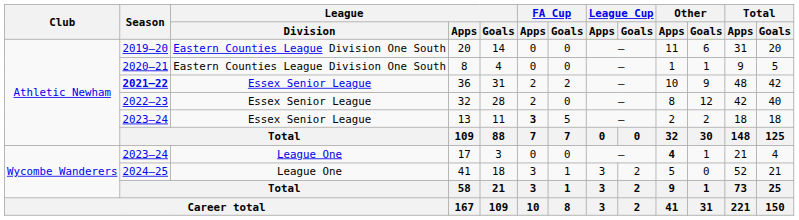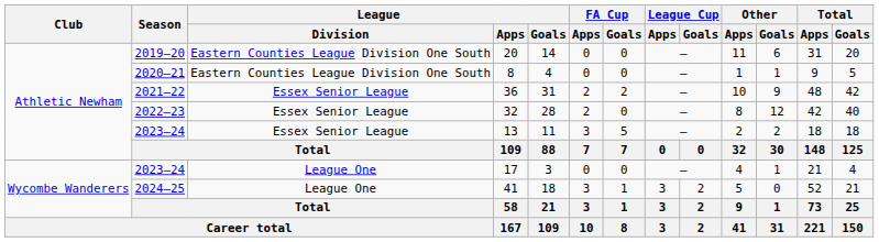 <table class=wikitable style=text-align:center>
 <tr>
 <th rowspan="2">Club</th>
 <th rowspan="2">Season</th>
 <th colspan="3">League</th>
 <th colspan="2"><a href='#'>FA Cup</a></th>
 <th colspan="2"><a href='#'>League Cup</a></th>
 <th colspan="2">Other</th>
 <th colspan="2">Total</th>
 </tr>
 <tr>
 <th>Division</th>
 <th>Apps</th>
 <th>Goals</th>
 <th>Apps</th>
 <th>Goals</th>
 <th>Apps</th>
 <th>Goals</th>
 <th>Apps</th>
 <th>Goals</th>
 <th>Apps</th>
 <th>Goals</th>
 </tr>
 <tr>
 <td rowspan="6"><a href='#'>Athletic Newham</a></td>
 <td><a href='#'>2019–20</a></td>
 <td><a href='#'>Eastern Counties League</a> Division One South</td>
 <td>20</td>
 <td>14</td>
 <td>0</td>
 <td>0</td>
 <td colspan="2">—</td>
 <td>11</td>
 <td>6</td>
 <td>31</td>
 <td>20</td>
 </tr>
 <tr>
 <td><a href='#'>2020–21</a></td>
 <td>Eastern Counties League Division One South</td>
 <td>8</td>
 <td>4</td>
 <td>0</td>
 <td>0</td>
 <td colspan="2">—</td>
 <td>1</td>
 <td>1</td>
 <td>9</td>
 <td>5</td>
 </tr>
 <tr>
-<td><strong><a href='#'>2021–22</a></strong></td>
+<td><a href='#'>2021–22</a></td>
 <td><a href='#'>Essex Senior League</a></td>
 <td>36</td>
 <td>31</td>
 <td>2</td>
 <td>2</td>
 <td colspan="2">—</td>
 <td>10</td>
 <td>9</td>
 <td>48</td>
 <td>42</td>
 </tr>
 <tr>
 <td><a href='#'>2022–23</a></td>
 <td>Essex Senior League</td>
 <td>32</td>
 <td>28</td>
 <td>2</td>
 <td>0</td>
 <td colspan="2">—</td>
 <td>8</td>
 <td>12</td>
 <td>42</td>
 <td>40</td>
 </tr>
 <tr>
 <td><a href='#'>2023–24</a></td>
 <td>Essex Senior League</td>
 <td>13</td>
 <td>11</td>
-<td><strong>3</strong></td>
+<td>3</td>
 <td>5</td>
 <td colspan="2">—</td>
 <td>2</td>
 <td>2</td>
 <td>18</td>
 <td>18</td>
 </tr>
 <tr>
 <th colspan="2">Total</th>
 <th>109</th>
 <th>88</th>
 <th>7</th>
 <th>7</th>
 <th>0</th>
 <th>0</th>
 <th>32</th>
 <th>30</th>
 <th>148</th>
 <th>125</th>
 </tr>
 <tr>
 <td rowspan="3"><a href='#'>Wycombe Wanderers</a></td>
 <td><a href='#'>2023–24</a></td>
 <td><a href='#'>League One</a></td>
 <td>17</td>
 <td>3</td>
 <td>0</td>
 <td>0</td>
 <td colspan="2">—</td>
-<td><strong>4</strong></td>
+<td>4</td>
 <td>1</td>
 <td>21</td>
 <td>4</td>
 </tr>
 <tr>
 <td><a href='#'>2024–25</a></td>
 <td>League One</td>
 <td>41</td>
 <td>18</td>
 <td>3</td>
 <td>1</td>
 <td>3</td>
 <td>2</td>
 <td>5</td>
 <td>0</td>
 <td>52</td>
 <td>21</td>
 </tr>
 <tr>
 <th colspan="2">Total</th>
 <th>58</th>
 <th>21</th>
 <th>3</th>
 <th>1</th>
 <th>3</th>
 <th>2</th>
 <th>9</th>
 <th>1</th>
 <th>73</th>
 <th>25</th>
 </tr>
 <tr>
 <th colspan="3">Career total</th>
 <th>167</th>
 <th>109</th>
 <th>10</th>
 <th>8</th>
 <th>3</th>
 <th>2</th>
 <th>41</th>
 <th>31</th>
 <th>221</th>
 <th>150</th>
 </tr>
 </table>
